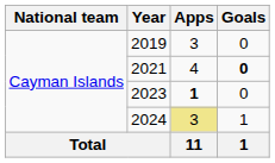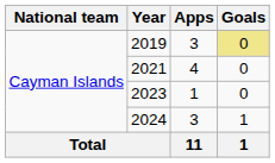 <table class="wikitable" style="text-align:center">
 <tr>
 <th>National team</th>
 <th>Year</th>
 <th>Apps</th>
 <th>Goals</th>
 </tr>
 <tr>
 <td rowspan="4"><a href='#'>Cayman Islands</a></td>
 <td>2019</td>
 <td>3</td>
-<td>0</td>
+<td style="background: khaki;">0</td>
 </tr>
 <tr>
 <td>2021</td>
 <td>4</td>
-<td><strong>0</strong></td>
+<td>0</td>
 </tr>
 <tr>
 <td>2023</td>
-<td><strong>1</strong></td>
+<td>1</td>
 <td>0</td>
 </tr>
 <tr>
 <td>2024</td>
-<td style="background: khaki;">3</td>
+<td>3</td>
 <td>1</td>
 </tr>
 <tr>
 <th colspan=2>Total</th>
 <th>11</th>
 <th>1</th>
 </tr>
 </table>
